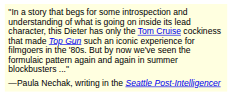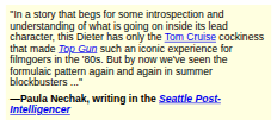 <table class="toccolours" style="float: left; margin-left: 1em; margin-right: 2em; font-size: 85%; background:#FFFFE0; color:black; width:30em; max-width: 40%;" cellspacing="5">
 <tr>
 <td style="text-align: left;">"In a story that begs for some introspection and understanding of what is going on inside its lead character, this Dieter has only the <a href='#'>Tom Cruise</a> cockiness that made <em><a href='#'>Top Gun</a></em> such an iconic experience for filmgoers in the '80s. But by now we've seen the formulaic pattern again and again in summer blockbusters ..."</td>
 </tr>
 <tr>
-<td style="text-align: left;">—Paula Nechak, writing in the <em><a href='#'>Seattle Post-Intelligencer</a></em></td>
+<td style="text-align: left;"><strong>—Paula Nechak, writing in the <em><a href='#'>Seattle Post-Intelligencer</a></em></strong></td>
 </tr>
 </table>
